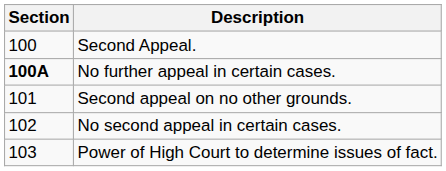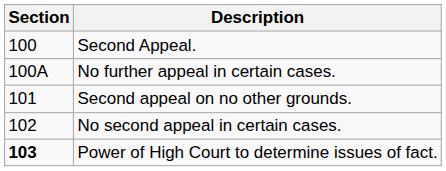 <table class="wikitable">
 <tr>
 <th>Section</th>
 <th>Description</th>
 </tr>
 <tr>
 <td>100</td>
 <td>Second Appeal.</td>
 </tr>
 <tr>
-<td><strong>100A</strong></td>
+<td>100A</td>
 <td>No further appeal in certain cases.</td>
 </tr>
 <tr>
 <td>101</td>
 <td>Second appeal on no other grounds.</td>
 </tr>
 <tr>
 <td>102</td>
 <td>No second appeal in certain cases.</td>
 </tr>
 <tr>
-<td>103</td>
+<td><strong>103</strong></td>
 <td>Power of High Court to determine issues of fact.</td>
 </tr>
 </table>
